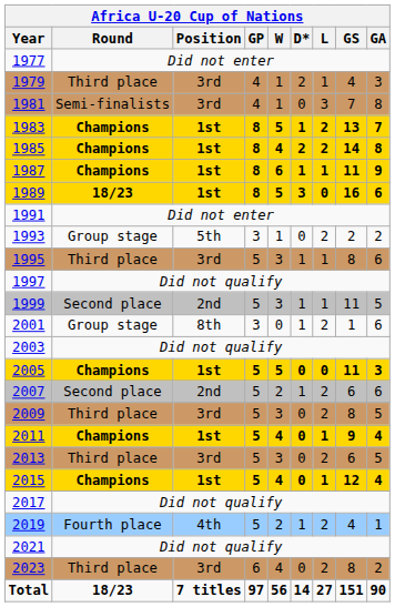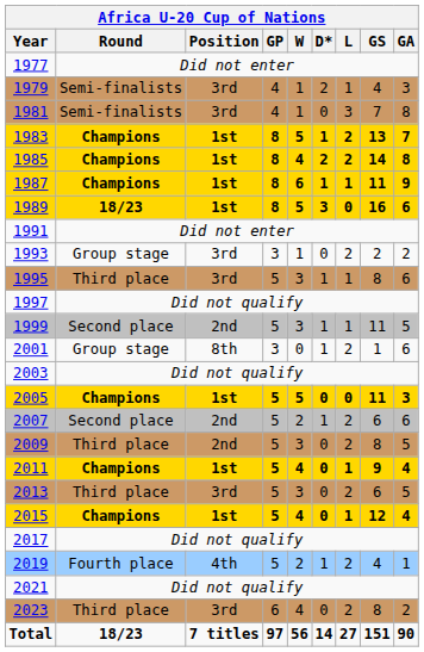 <table class="wikitable" style="text-align: center;">
 <tr>
 <th colspan=9><a href='#'>Africa U-20 Cup of Nations</a></th>
 </tr>
 <tr>
 <th>Year</th>
 <th>Round</th>
 <th>Position</th>
 <th>GP</th>
 <th>W</th>
 <th>D*</th>
 <th>L</th>
 <th>GS</th>
 <th>GA</th>
 </tr>
 <tr>
 <td><a href='#'>1977</a></td>
 <td colspan=8><em>Did not enter</em></td>
 </tr>
 <tr style="background:#cc9966;">
 <td><a href='#'>1979</a></td>
-<td>Third place</td>
+<td>Semi-finalists</td>
 <td>3rd</td>
 <td>4</td>
 <td>1</td>
 <td>2</td>
 <td>1</td>
 <td>4</td>
 <td>3</td>
 </tr>
 <tr style="background:#cc9966;">
 <td><a href='#'>1981</a></td>
 <td>Semi-finalists</td>
 <td>3rd</td>
 <td>4</td>
 <td>1</td>
 <td>0</td>
 <td>3</td>
 <td>7</td>
 <td>8</td>
 </tr>
 <tr style="background:gold">
 <td><a href='#'>1983</a></td>
 <td><strong>Champions</strong></td>
 <td><strong>1st</strong></td>
 <td><strong>8</strong></td>
 <td><strong>5</strong></td>
 <td><strong>1</strong></td>
 <td><strong>2</strong></td>
 <td><strong>13</strong></td>
 <td><strong>7</strong></td>
 </tr>
 <tr style="background:gold">
 <td><a href='#'>1985</a></td>
 <td><strong>Champions</strong></td>
 <td><strong>1st</strong></td>
 <td><strong>8</strong></td>
 <td><strong>4</strong></td>
 <td><strong>2</strong></td>
 <td><strong>2</strong></td>
 <td><strong>14</strong></td>
 <td><strong>8</strong></td>
 </tr>
 <tr style="background:gold">
 <td><a href='#'>1987</a></td>
 <td><strong>Champions</strong></td>
 <td><strong>1st</strong></td>
 <td><strong>8</strong></td>
 <td><strong>6</strong></td>
 <td><strong>1</strong></td>
 <td><strong>1</strong></td>
 <td><strong>11</strong></td>
 <td><strong>9</strong></td>
 </tr>
 <tr style="background:gold">
 <td><a href='#'>1989</a></td>
 <td><strong>18/23</strong></td>
 <td><strong>1st</strong></td>
 <td><strong>8</strong></td>
 <td><strong>5</strong></td>
 <td><strong>3</strong></td>
 <td><strong>0</strong></td>
 <td><strong>16</strong></td>
 <td><strong>6</strong></td>
 </tr>
 <tr>
 <td> <a href='#'>1991</a></td>
 <td colspan=8><em>Did not enter</em></td>
 </tr>
 <tr>
 <td> <a href='#'>1993</a></td>
 <td>Group stage</td>
-<td>5th</td>
+<td>3rd</td>
 <td>3</td>
 <td>1</td>
 <td>0</td>
 <td>2</td>
 <td>2</td>
 <td>2</td>
 </tr>
 <tr style="background:#cc9966;">
 <td> <a href='#'>1995</a></td>
 <td>Third place</td>
 <td>3rd</td>
 <td>5</td>
 <td>3</td>
 <td>1</td>
 <td>1</td>
 <td>8</td>
 <td>6</td>
 </tr>
 <tr>
 <td> <a href='#'>1997</a></td>
 <td colspan=8><em>Did not qualify</em></td>
 </tr>
 <tr style="background:silver">
 <td> <a href='#'>1999</a></td>
 <td>Second place</td>
 <td>2nd</td>
 <td>5</td>
 <td>3</td>
 <td>1</td>
 <td>1</td>
 <td>11</td>
 <td>5</td>
 </tr>
 <tr>
 <td> <a href='#'>2001</a></td>
 <td>Group stage</td>
 <td>8th</td>
 <td>3</td>
 <td>0</td>
 <td>1</td>
 <td>2</td>
 <td>1</td>
 <td>6</td>
 </tr>
 <tr>
 <td> <a href='#'>2003</a></td>
 <td colspan=8><em>Did not qualify</em></td>
 </tr>
 <tr style="background:gold">
 <td> <a href='#'>2005</a></td>
 <td><strong>Champions</strong></td>
 <td><strong>1st</strong></td>
 <td><strong>5</strong></td>
 <td><strong>5</strong></td>
 <td><strong>0</strong></td>
 <td><strong>0</strong></td>
 <td><strong>11</strong></td>
 <td><strong>3</strong></td>
 </tr>
 <tr style="background:silver">
 <td> <a href='#'>2007</a></td>
 <td>Second place</td>
 <td>2nd</td>
 <td>5</td>
 <td>2</td>
 <td>1</td>
 <td>2</td>
 <td>6</td>
 <td>6</td>
 </tr>
 <tr style="background:#cc9966;">
 <td> <a href='#'>2009</a></td>
 <td>Third place</td>
-<td>3rd</td>
+<td>2nd</td>
 <td>5</td>
 <td>3</td>
 <td>0</td>
 <td>2</td>
 <td>8</td>
 <td>5</td>
 </tr>
 <tr style="background:gold">
 <td> <a href='#'>2011</a></td>
 <td><strong>Champions</strong></td>
 <td><strong>1st</strong></td>
 <td><strong>5</strong></td>
 <td><strong>4</strong></td>
 <td><strong>0</strong></td>
 <td><strong>1</strong></td>
 <td><strong>9</strong></td>
 <td><strong>4</strong></td>
 </tr>
 <tr style="background:#cc9966;">
 <td> <a href='#'>2013</a></td>
 <td>Third place</td>
 <td>3rd</td>
 <td>5</td>
 <td>3</td>
 <td>0</td>
 <td>2</td>
 <td>6</td>
 <td>5</td>
 </tr>
 <tr style="background:gold">
 <td> <a href='#'>2015</a></td>
 <td><strong>Champions</strong></td>
 <td><strong>1st</strong></td>
 <td><strong>5</strong></td>
 <td><strong>4</strong></td>
 <td><strong>0</strong></td>
 <td><strong>1</strong></td>
 <td><strong>12</strong></td>
 <td><strong>4</strong></td>
 </tr>
 <tr>
 <td> <a href='#'>2017</a></td>
 <td colspan=8><em>Did not qualify</em></td>
 </tr>
 <tr bgcolor=#9acdff>
 <td> <a href='#'>2019</a></td>
 <td>Fourth place</td>
 <td>4th</td>
 <td>5</td>
 <td>2</td>
 <td>1</td>
 <td>2</td>
 <td>4</td>
 <td>1</td>
 </tr>
 <tr>
 <td> <a href='#'>2021</a></td>
 <td colspan=8><em>Did not qualify</em></td>
 </tr>
 <tr style="background:#cc9966;">
 <td> <a href='#'>2023</a></td>
 <td>Third place</td>
 <td>3rd</td>
 <td>6</td>
 <td>4</td>
 <td>0</td>
 <td>2</td>
 <td>8</td>
 <td>2</td>
 </tr>
 <tr>
 <td><strong>Total</strong></td>
 <td><strong>18/23</strong></td>
 <td><strong>7 titles</strong></td>
 <td><strong>97</strong></td>
 <td><strong>56</strong></td>
 <td><strong>14</strong></td>
 <td><strong>27</strong></td>
 <td><strong>151</strong></td>
 <td><strong>90</strong></td>
 </tr>
 </table>
